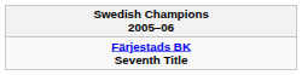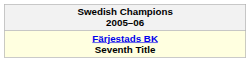 <table class="wikitable" style="text-align: center; margin: 0 auto; width: 20%">
 <tr>
 <th>Swedish Champions<br>2005–06</th>
 </tr>
 <tr>
-<td><strong><a href='#'>Färjestads BK</a></strong><br><strong>Seventh Title</strong></td>
+<td style="background: lightyellow;"><strong><a href='#'>Färjestads BK</a></strong><br><strong>Seventh Title</strong></td>
 </tr>
 </table>
